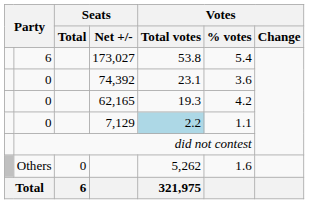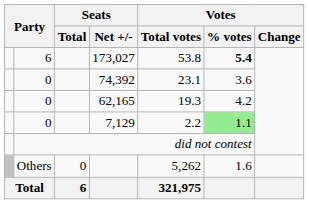 <table class="wikitable" style="text-align:right; font-size:95%;">
 <tr>
 <th colspan="2" rowspan="2">Party</th>
 <th colspan="2">Seats</th>
 <th colspan="3">Votes</th>
 </tr>
 <tr>
 <th>Total</th>
 <th>Net +/-</th>
 <th>Total votes</th>
 <th>% votes</th>
 <th>Change</th>
 </tr>
 <tr>
 <td></td>
 <td>6</td>
 <td></td>
 <td>173,027</td>
 <td>53.8</td>
-<td>5.4</td>
+<td><strong>5.4</strong></td>
 </tr>
 <tr>
 <td></td>
 <td>0</td>
 <td></td>
 <td>74,392</td>
 <td>23.1</td>
 <td>3.6</td>
 </tr>
 <tr>
 <td></td>
 <td>0</td>
 <td></td>
 <td>62,165</td>
 <td>19.3</td>
 <td>4.2</td>
 </tr>
 <tr>
 <td></td>
 <td>0</td>
 <td></td>
 <td>7,129</td>
-<td style="background: lightblue;">2.2</td>
-<td>1.1</td>
+<td>2.2</td>
+<td style="background: lightgreen;">1.1</td>
 </tr>
 <tr>
 <td></td>
 <td colspan="5"><em>did not contest</em></td>
 </tr>
 <tr>
 <td style="background:silver;"> </td>
 <td align=left>Others</td>
 <td>0</td>
 <td></td>
 <td>5,262</td>
 <td>1.6</td>
 <td></td>
 </tr>
 <tr>
 <th colspan="2" style="background:#f2f2f2">Total</th>
 <td style="background:#f2f2f2;"><strong>6</strong></td>
 <td style="background:#f2f2f2;"></td>
 <td style="background:#f2f2f2;"><strong>321,975</strong></td>
 <td style="background:#f2f2f2;"></td>
 <td style="background:#f2f2f2;"></td>
 </tr>
 </table>
